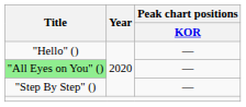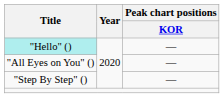 <table class="wikitable plainrowheaders" style="text-align:center">
 <tr>
 <th rowspan="2">Title</th>
 <th rowspan="2">Year</th>
 <th colspan="1">Peak chart positions</th>
 </tr>
 <tr>
 <th><a href='#'>KOR</a></th>
 </tr>
 <tr>
-<td>"Hello" ()</td>
+<td style="background: paleturquoise;">"Hello" ()</td>
 <td rowspan="3">2020</td>
 <td>—</td>
 </tr>
 <tr>
-<td style="background: lightgreen;">"All Eyes on You" ()</td>
+<td>"All Eyes on You" ()</td>
 <td>—</td>
 </tr>
 <tr>
 <td>"Step By Step" ()</td>
 <td>—</td>
 </tr>
 <tr>
 <td colspan="3"></td>
 </tr>
 </table>
